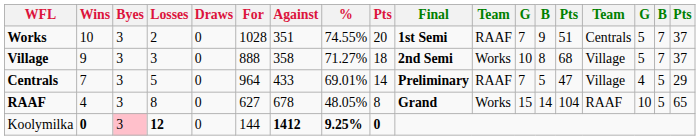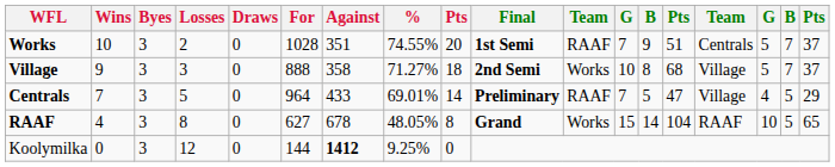 <table class="wikitable">
 <tr>
 <th style="color:crimson">WFL</th>
 <th style="color:crimson">Wins</th>
 <th style="color:crimson">Byes</th>
 <th style="color:crimson">Losses</th>
 <th style="color:crimson">Draws</th>
 <th style="color:crimson">For</th>
 <th style="color:crimson">Against</th>
 <th style="color:crimson">%</th>
 <th style="color:crimson">Pts</th>
 <th style="color:green">Final</th>
 <th style="color:green">Team</th>
 <th style="color:green">G</th>
 <th style="color:green">B</th>
 <th style="color:green">Pts</th>
 <th style="color:green">Team</th>
 <th style="color:green">G</th>
 <th style="color:green">B</th>
 <th style="color:green">Pts</th>
 </tr>
 <tr>
 <td><strong>	Works	</strong></td>
 <td>10</td>
 <td>3</td>
 <td>2</td>
 <td>0</td>
 <td>1028</td>
 <td>351</td>
 <td>74.55%</td>
 <td>20</td>
 <td><strong>1st Semi</strong></td>
 <td>RAAF</td>
 <td>7</td>
 <td>9</td>
 <td>51</td>
 <td>Centrals</td>
 <td>5</td>
 <td>7</td>
 <td>37</td>
 </tr>
 <tr>
 <td><strong>	Village	</strong></td>
 <td>9</td>
 <td>3</td>
 <td>3</td>
 <td>0</td>
 <td>888</td>
 <td>358</td>
 <td>71.27%</td>
 <td>18</td>
 <td><strong>2nd Semi</strong></td>
 <td>Works</td>
 <td>10</td>
 <td>8</td>
 <td>68</td>
 <td>Village</td>
 <td>5</td>
 <td>7</td>
 <td>37</td>
 </tr>
 <tr>
 <td><strong>	Centrals	</strong></td>
 <td>7</td>
 <td>3</td>
 <td>5</td>
 <td>0</td>
 <td>964</td>
 <td>433</td>
 <td>69.01%</td>
 <td>14</td>
 <td><strong>Preliminary</strong></td>
 <td>RAAF</td>
 <td>7</td>
 <td>5</td>
 <td>47</td>
 <td>Village</td>
 <td>4</td>
 <td>5</td>
 <td>29</td>
 </tr>
 <tr>
 <td><strong>	RAAF	</strong></td>
 <td>4</td>
 <td>3</td>
 <td>8</td>
 <td>0</td>
 <td>627</td>
 <td>678</td>
 <td>48.05%</td>
 <td>8</td>
 <td><strong>Grand</strong></td>
 <td>Works</td>
 <td>15</td>
 <td>14</td>
 <td>104</td>
 <td>RAAF</td>
 <td>10</td>
 <td>5</td>
 <td>65</td>
 </tr>
 <tr>
 <td>Koolymilka</td>
-<td><strong>0</strong></td>
-<td style="background: pink;">3</td>
-<td><strong>12</strong></td>
+<td>0</td>
+<td>3</td>
+<td>12</td>
 <td>0</td>
 <td>144</td>
 <td><strong>1412</strong></td>
-<td><strong>9.25%</strong></td>
-<td><strong>0</strong></td>
+<td>9.25%</td>
+<td>0</td>
 </tr>
 </table>
